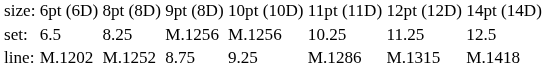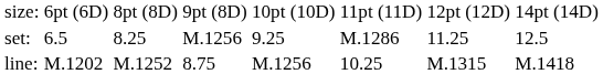 <table style="margin-left:40px;">
 <tr>
 <td>size:</td>
 <td>6pt (6D)</td>
 <td>8pt (8D)</td>
 <td>9pt (8D)</td>
 <td>10pt (10D)</td>
 <td>11pt (11D)</td>
 <td>12pt (12D)</td>
 <td>14pt (14D)</td>
 </tr>
 <tr>
 <td>set:</td>
 <td>6.5</td>
 <td>8.25</td>
 <td>M.1256</td>
-<td>M.1256</td>
-<td>10.25</td>
+<td>9.25</td>
+<td>M.1286</td>
 <td>11.25</td>
 <td>12.5</td>
 </tr>
 <tr>
 <td>line:</td>
 <td>M.1202</td>
 <td>M.1252</td>
 <td>8.75</td>
-<td>9.25</td>
-<td>M.1286</td>
+<td>M.1256</td>
+<td>10.25</td>
 <td>M.1315</td>
 <td>M.1418</td>
 </tr>
 </table>
